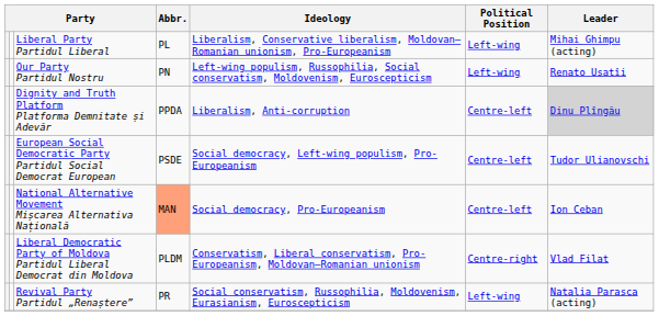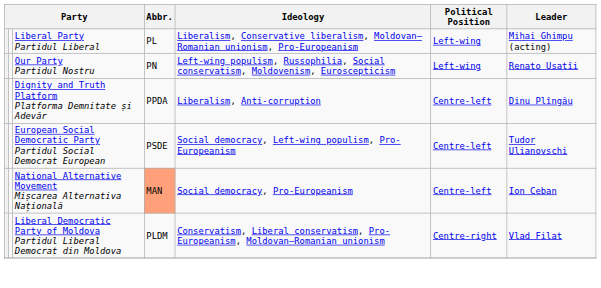 <table class="wikitable sortable">
 <tr>
 <th colspan="3">Party</th>
 <th>Abbr.</th>
 <th>Ideology</th>
 <th>Political Position</th>
 <th>Leader</th>
 </tr>
 <tr>
 <th style="background-color:"></th>
 <td></td>
 <td><a href='#'>Liberal Party</a><br><em>Partidul Liberal</em></td>
 <td>PL</td>
 <td><a href='#'>Liberalism</a>, <a href='#'>Conservative liberalism</a>, <a href='#'>Moldovan–Romanian unionism</a>, <a href='#'>Pro-Europeanism</a></td>
 <td><a href='#'>Left-wing</a></td>
 <td><a href='#'>Mihai Ghimpu</a> (acting)</td>
 </tr>
 <tr>
 <th style="background-color:"></th>
 <td></td>
 <td><a href='#'>Our Party</a><br><em>Partidul Nostru</em></td>
 <td>PN</td>
 <td><a href='#'>Left-wing populism</a>, <a href='#'>Russophilia</a>, <a href='#'>Social conservatism</a>, <a href='#'>Moldovenism</a>, <a href='#'>Euroscepticism</a></td>
 <td><a href='#'>Left-wing</a></td>
 <td><a href='#'>Renato Usatîi</a></td>
 </tr>
 <tr>
 <th style="background-color:"></th>
 <td></td>
 <td><a href='#'>Dignity and Truth Platform</a><br><em>Platforma Demnitate și Adevăr</em></td>
 <td>PPDA</td>
 <td><a href='#'>Liberalism</a>, <a href='#'>Anti-corruption</a></td>
 <td><a href='#'>Centre-left</a></td>
-<td style="background: lightgrey;"><a href='#'>Dinu Plîngău</a></td>
+<td><a href='#'>Dinu Plîngău</a></td>
 </tr>
 <tr>
 <th style="background-color:"></th>
 <td></td>
 <td><a href='#'>European Social Democratic Party</a><br><em>Partidul Social Democrat European</em></td>
 <td>PSDE</td>
 <td><a href='#'>Social democracy</a>, <a href='#'>Left-wing populism</a>, <a href='#'>Pro-Europeanism</a></td>
 <td><a href='#'>Centre-left</a></td>
 <td><a href='#'>Tudor Ulianovschi</a></td>
 </tr>
 <tr>
 <th style="background-color:"></th>
 <td></td>
 <td><a href='#'>National Alternative Movement</a><br><em>Mișcarea Alternativa Națională</em></td>
 <td style="background: lightsalmon;">MAN</td>
 <td><a href='#'>Social democracy</a>, <a href='#'>Pro-Europeanism</a></td>
 <td><a href='#'>Centre-left</a></td>
 <td><a href='#'>Ion Ceban</a></td>
 </tr>
 <tr>
 <th style="background-color:"></th>
 <td></td>
 <td><a href='#'>Liberal Democratic Party of Moldova</a><br><em>Partidul Liberal Democrat din Moldova</em></td>
 <td>PLDM</td>
 <td><a href='#'>Conservatism</a>, <a href='#'>Liberal conservatism</a>, <a href='#'>Pro-Europeanism</a>, <a href='#'>Moldovan–Romanian unionism</a></td>
 <td><a href='#'>Centre-right</a></td>
 <td><a href='#'>Vlad Filat</a></td>
 </tr>
 <tr>
-<th style="background-color:"></th>
-<td></td>
-<td><a href='#'>Revival Party</a><br><em>Partidul</em>  <em>„Renaștere”</em></td>
-<td>PR</td>
-<td><a href='#'>Social conservatism</a>, <a href='#'>Russophilia</a>, <a href='#'>Moldovenism</a>, <a href='#'>Eurasianism</a>, <a href='#'>Euroscepticism</a></td>
-<td><a href='#'>Left-wing</a></td>
-<td><a href='#'>Natalia Parasca</a> (acting)</td>
-</tr>
-<tr>
 </tr>
 </table>
